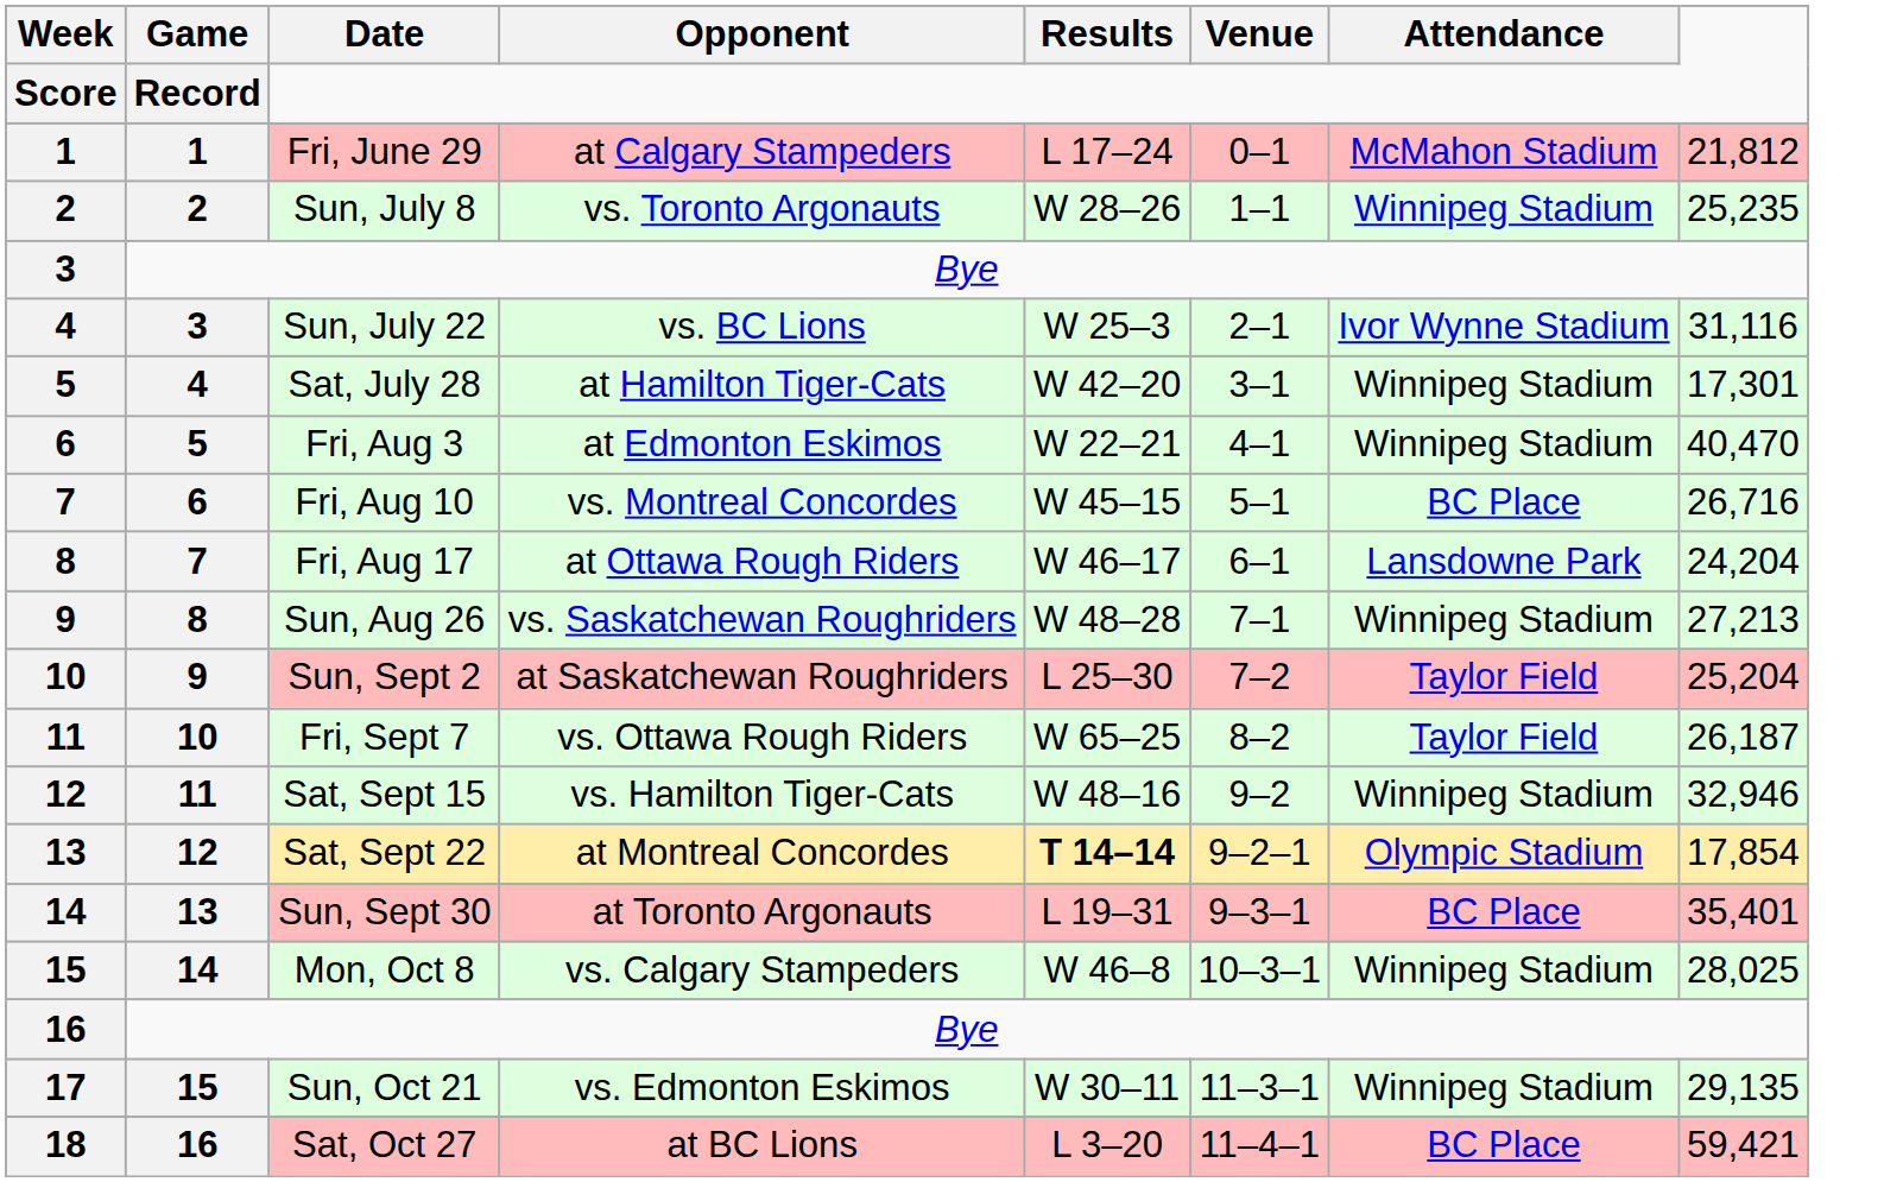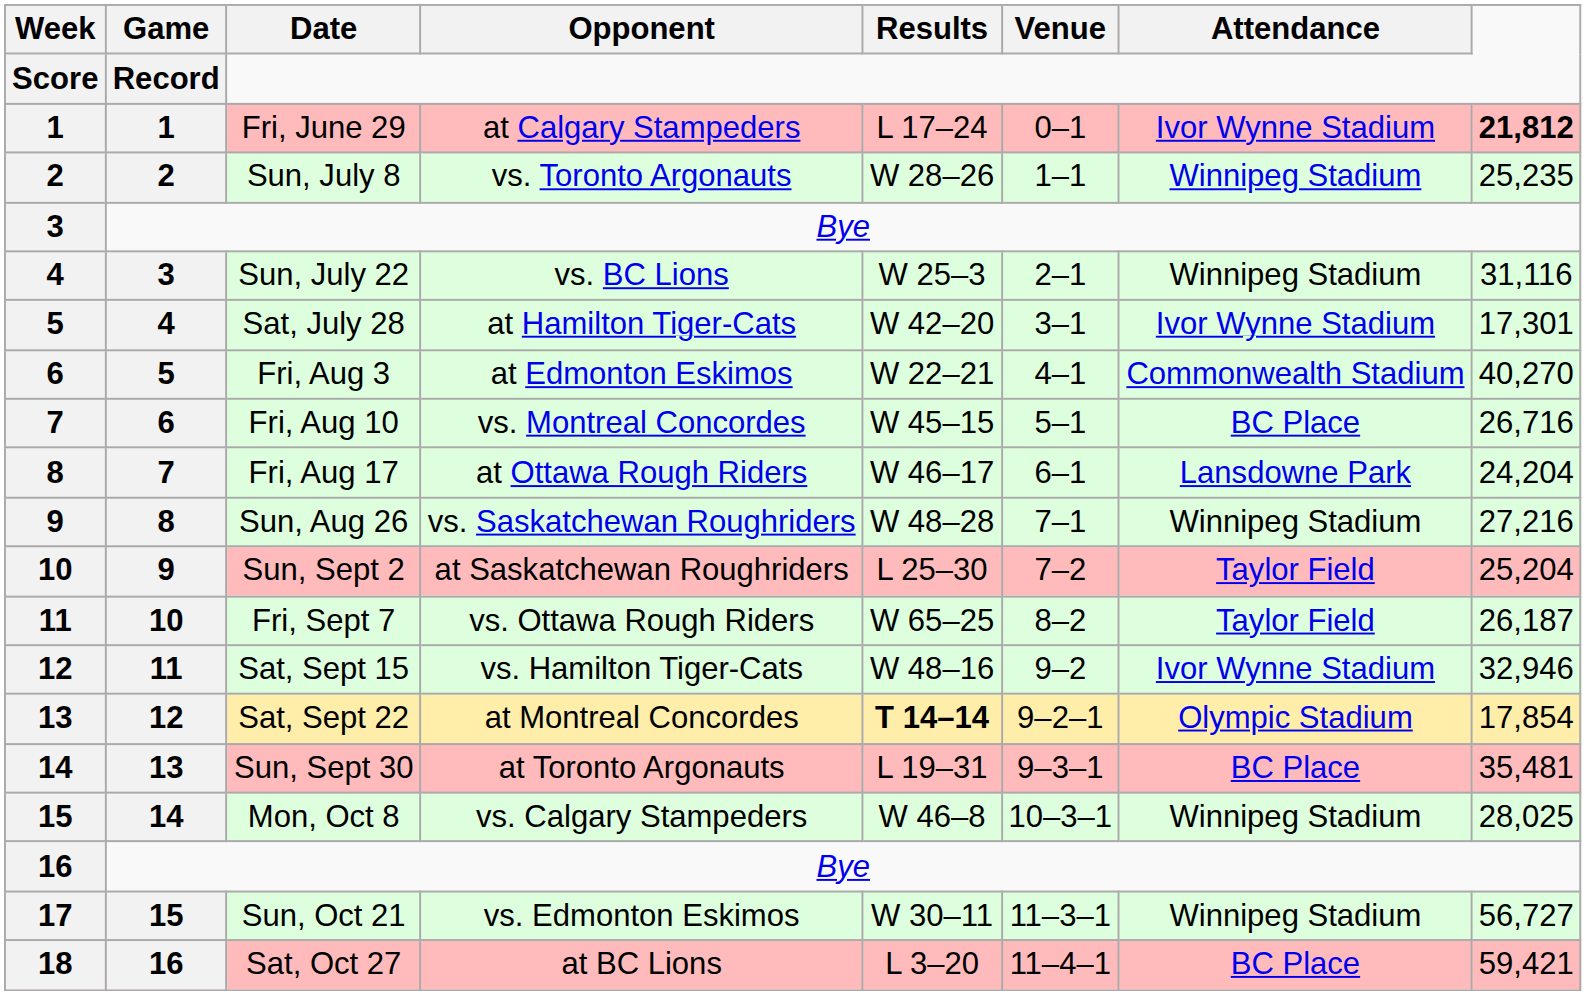 <table class="wikitable" style="text-align:center">
 <tr>
 <th>Week</th>
 <th>Game</th>
 <th>Date</th>
 <th>Opponent</th>
 <th>Results</th>
 <th>Venue</th>
 <th>Attendance</th>
 </tr>
 <tr>
 <th>Score</th>
 <th>Record</th>
 </tr>
 <tr style="background:#ffbbbb">
 <th>1</th>
 <th>1</th>
 <td>Fri, June 29</td>
 <td>at <a href='#'>Calgary Stampeders</a></td>
 <td>L 17–24</td>
 <td>0–1</td>
-<td><a href='#'>McMahon Stadium</a></td>
-<td>21,812</td>
+<td><a href='#'>Ivor Wynne Stadium</a></td>
+<td><strong>21,812</strong></td>
 </tr>
 <tr style="background:#ddffdd">
 <th>2</th>
 <th>2</th>
 <td>Sun, July 8</td>
 <td>vs. <a href='#'>Toronto Argonauts</a></td>
 <td>W 28–26</td>
 <td>1–1</td>
 <td><a href='#'>Winnipeg Stadium</a></td>
 <td>25,235</td>
 </tr>
 <tr>
 <th>3</th>
 <td colspan=7><em><a href='#'>Bye</a></em></td>
 </tr>
 <tr style="background:#ddffdd">
 <th>4</th>
 <th>3</th>
 <td>Sun, July 22</td>
 <td>vs. <a href='#'>BC Lions</a></td>
 <td>W 25–3</td>
 <td>2–1</td>
-<td><a href='#'>Ivor Wynne Stadium</a></td>
+<td>Winnipeg Stadium</td>
 <td>31,116</td>
 </tr>
 <tr style="background:#ddffdd">
 <th>5</th>
 <th>4</th>
 <td>Sat, July 28</td>
 <td>at <a href='#'>Hamilton Tiger-Cats</a></td>
 <td>W 42–20</td>
 <td>3–1</td>
-<td>Winnipeg Stadium</td>
+<td><a href='#'>Ivor Wynne Stadium</a></td>
 <td>17,301</td>
 </tr>
 <tr style="background:#ddffdd">
 <th>6</th>
 <th>5</th>
 <td>Fri, Aug 3</td>
 <td>at <a href='#'>Edmonton Eskimos</a></td>
 <td>W 22–21</td>
 <td>4–1</td>
-<td>Winnipeg Stadium</td>
-<td>40,470</td>
+<td><a href='#'>Commonwealth Stadium</a></td>
+<td>40,270</td>
 </tr>
 <tr style="background:#ddffdd">
 <th>7</th>
 <th>6</th>
 <td>Fri, Aug 10</td>
 <td>vs. <a href='#'>Montreal Concordes</a></td>
 <td>W 45–15</td>
 <td>5–1</td>
 <td><a href='#'>BC Place</a></td>
 <td>26,716</td>
 </tr>
 <tr style="background:#ddffdd">
 <th>8</th>
 <th>7</th>
 <td>Fri, Aug 17</td>
 <td>at <a href='#'>Ottawa Rough Riders</a></td>
 <td>W 46–17</td>
 <td>6–1</td>
 <td><a href='#'>Lansdowne Park</a></td>
 <td>24,204</td>
 </tr>
 <tr style="background:#ddffdd">
 <th>9</th>
 <th>8</th>
 <td>Sun, Aug 26</td>
 <td>vs. <a href='#'>Saskatchewan Roughriders</a></td>
 <td>W 48–28</td>
 <td>7–1</td>
 <td>Winnipeg Stadium</td>
-<td>27,213</td>
+<td>27,216</td>
 </tr>
 <tr style="background:#ffbbbb">
 <th>10</th>
 <th>9</th>
 <td>Sun, Sept 2</td>
 <td>at Saskatchewan Roughriders</td>
 <td>L 25–30</td>
 <td>7–2</td>
 <td><a href='#'>Taylor Field</a></td>
 <td>25,204</td>
 </tr>
 <tr style="background:#ddffdd">
 <th>11</th>
 <th>10</th>
 <td>Fri, Sept 7</td>
 <td>vs. Ottawa Rough Riders</td>
 <td>W 65–25</td>
 <td>8–2</td>
 <td><a href='#'>Taylor Field</a></td>
 <td>26,187</td>
 </tr>
 <tr style="background:#ddffdd">
 <th>12</th>
 <th>11</th>
 <td>Sat, Sept 15</td>
 <td>vs. Hamilton Tiger-Cats</td>
 <td>W 48–16</td>
 <td>9–2</td>
-<td>Winnipeg Stadium</td>
+<td><a href='#'>Ivor Wynne Stadium</a></td>
 <td>32,946</td>
 </tr>
 <tr style="background:#ffeeaa">
 <th>13</th>
 <th>12</th>
 <td>Sat, Sept 22</td>
 <td>at Montreal Concordes</td>
 <td><strong>T 14–14</strong></td>
 <td>9–2–1</td>
 <td><a href='#'>Olympic Stadium</a></td>
 <td>17,854</td>
 </tr>
 <tr style="background:#ffbbbb">
 <th>14</th>
 <th>13</th>
 <td>Sun, Sept 30</td>
 <td>at Toronto Argonauts</td>
 <td>L 19–31</td>
 <td>9–3–1</td>
 <td><a href='#'>BC Place</a></td>
-<td>35,401</td>
+<td>35,481</td>
 </tr>
 <tr style="background:#ddffdd">
 <th>15</th>
 <th>14</th>
 <td>Mon, Oct 8</td>
 <td>vs. Calgary Stampeders</td>
 <td>W 46–8</td>
 <td>10–3–1</td>
 <td>Winnipeg Stadium</td>
 <td>28,025</td>
 </tr>
 <tr>
 <th>16</th>
 <td colspan=7><em><a href='#'>Bye</a></em></td>
 </tr>
 <tr style="background:#ddffdd">
 <th>17</th>
 <th>15</th>
 <td>Sun, Oct 21</td>
 <td>vs. Edmonton Eskimos</td>
 <td>W 30–11</td>
 <td>11–3–1</td>
 <td>Winnipeg Stadium</td>
-<td>29,135</td>
+<td>56,727</td>
 </tr>
 <tr style="background:#ffbbbb">
 <th>18</th>
 <th>16</th>
 <td>Sat, Oct 27</td>
 <td>at BC Lions</td>
 <td>L 3–20</td>
 <td>11–4–1</td>
 <td><a href='#'>BC Place</a></td>
 <td>59,421</td>
 </tr>
 </table>
